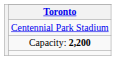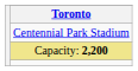 <table class="wikitable" style="text-align:center">
 <tr>
 <th rowspan="8"></th>
 </tr>
 <tr>
 <th><a href='#'>Toronto</a></th>
 </tr>
 <tr>
 <td><a href='#'>Centennial Park Stadium</a></td>
 </tr>
 <tr>
-<td>Capacity: <strong>2,200</strong></td>
+<td style="background: khaki;">Capacity: <strong>2,200</strong></td>
 </tr>
 <tr>
 <td></td>
 </tr>
 </table>
